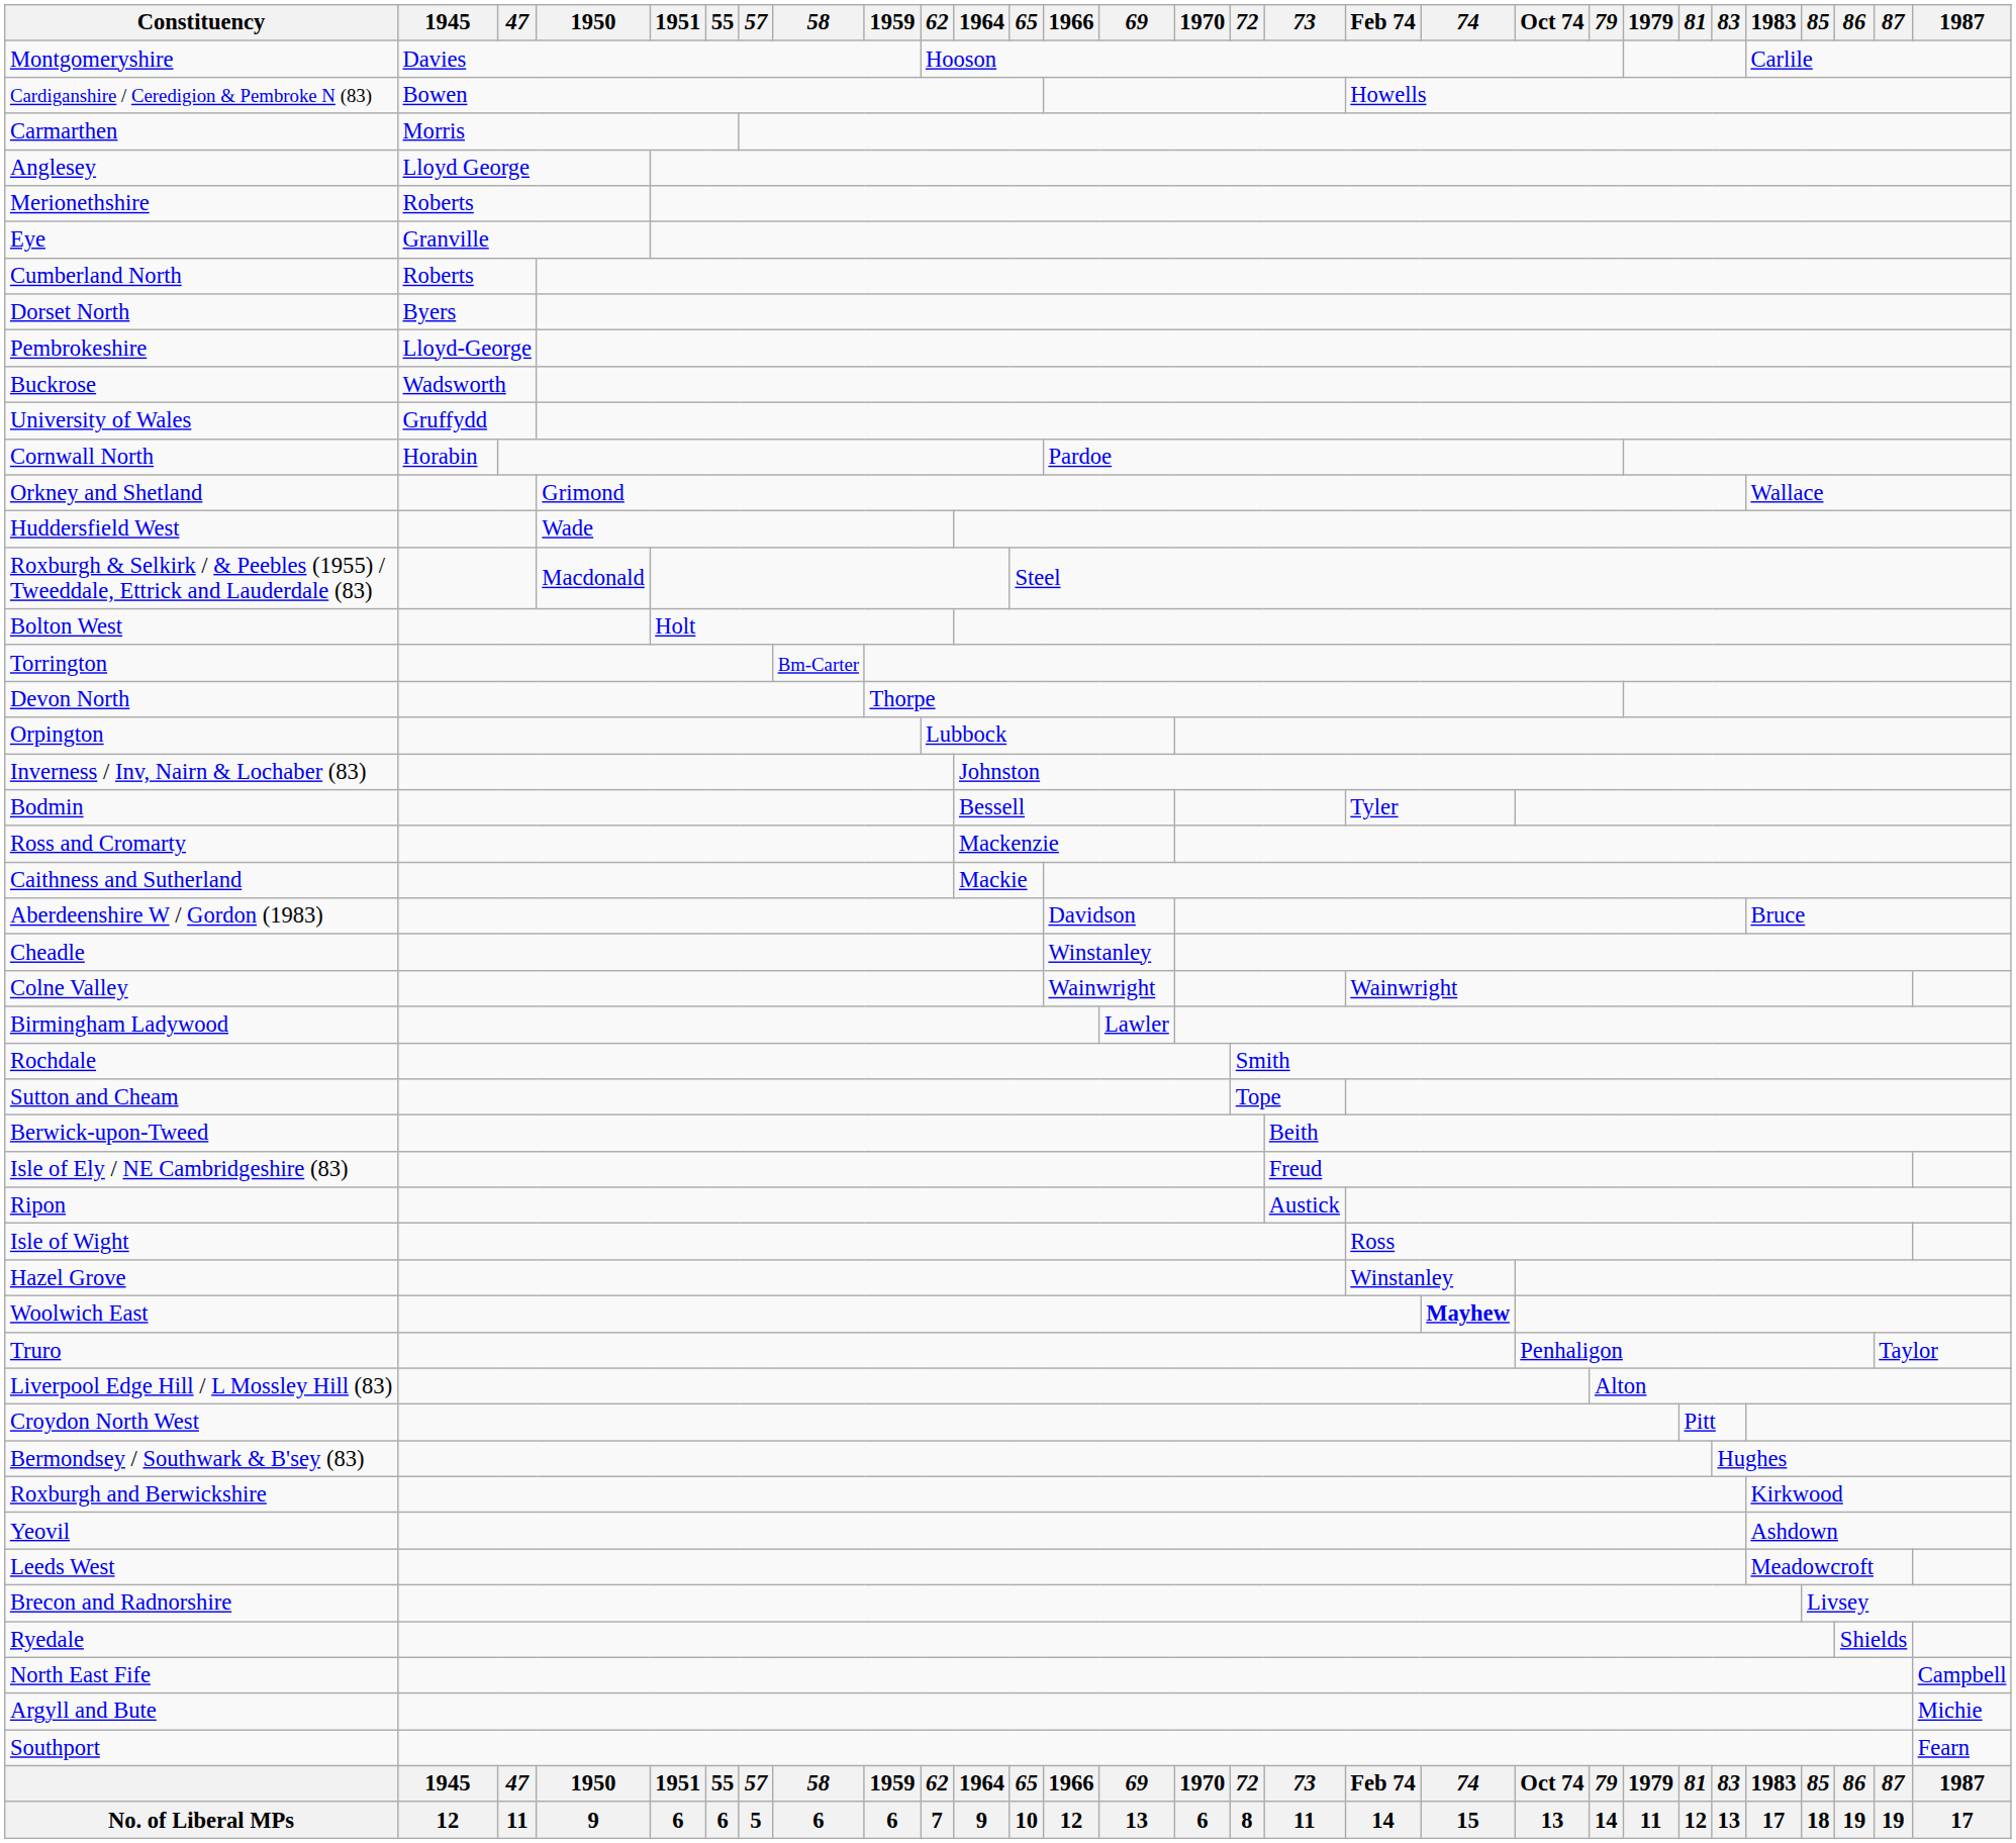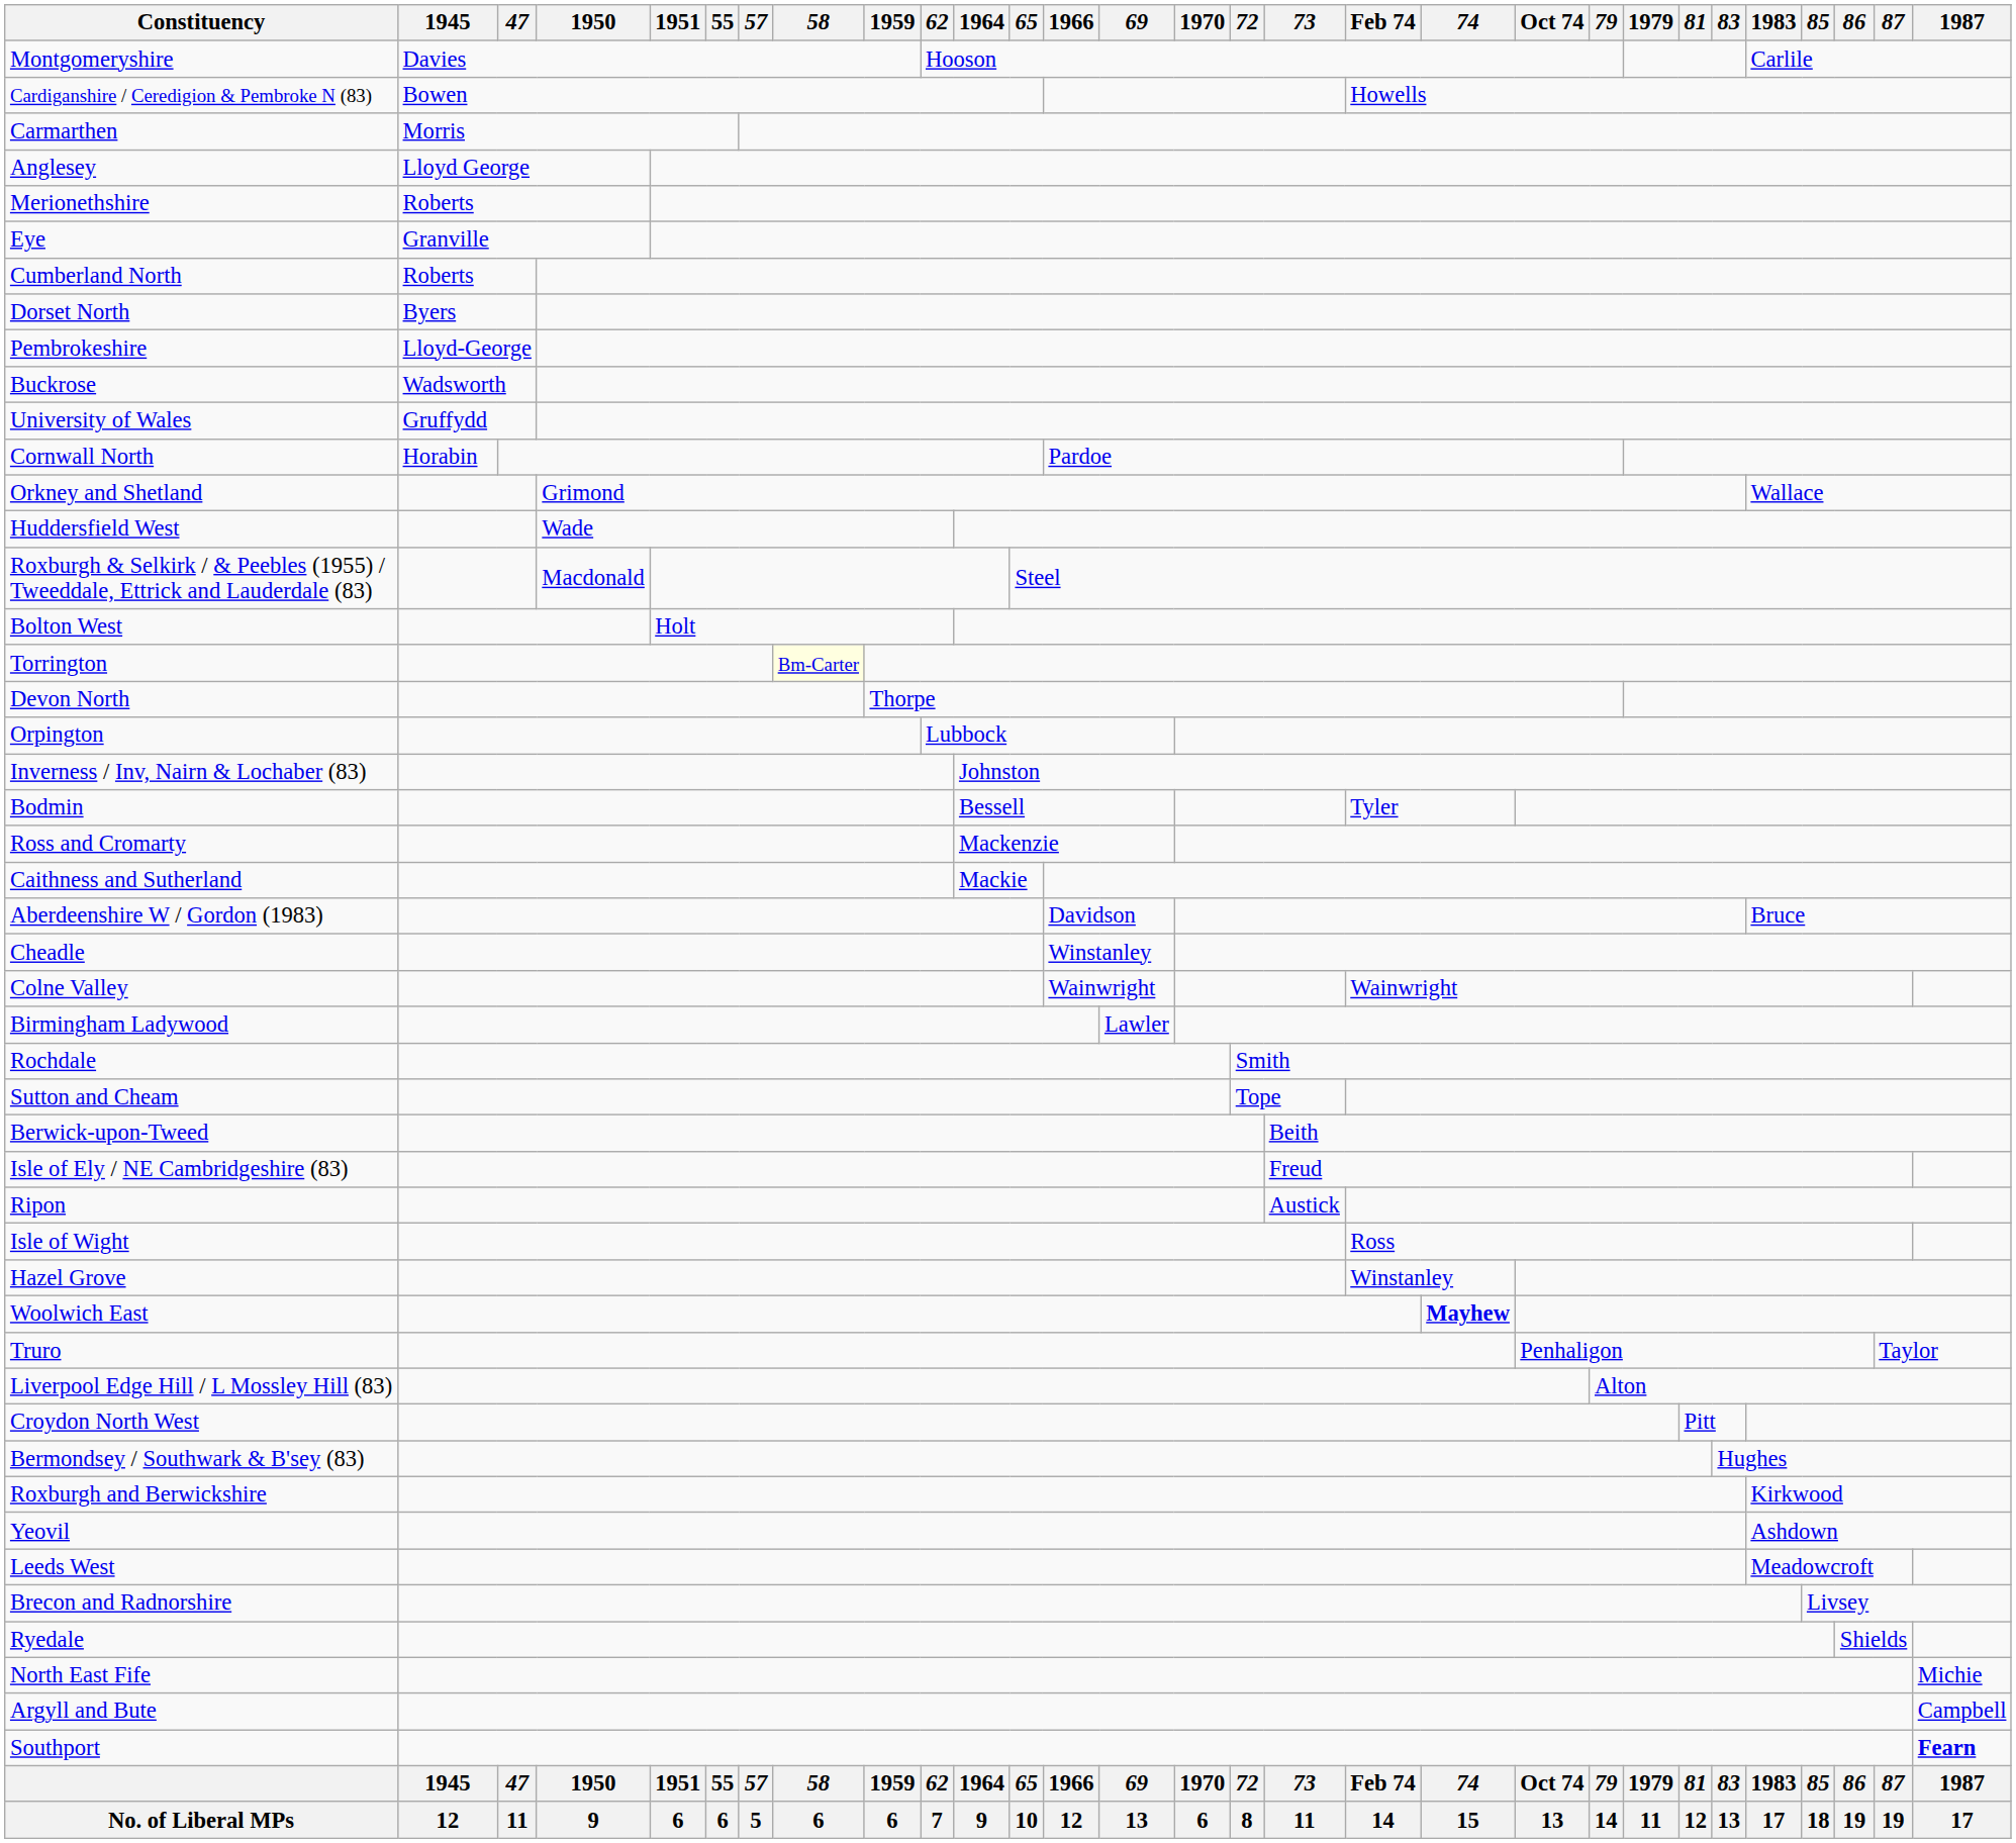 <table class="wikitable">
 <tr>
 <th>Constituency</th>
 <th>1945</th>
 <th><em>47</em></th>
 <th>1950</th>
 <th>1951</th>
 <th>55</th>
 <th><em>57</em></th>
 <th><em>58</em></th>
 <th>1959</th>
 <th><em>62</em></th>
 <th>1964</th>
 <th><em>65</em></th>
 <th>1966</th>
 <th><em>69</em></th>
 <th>1970</th>
 <th><em>72</em></th>
 <th><em>73</em></th>
 <th>Feb 74</th>
 <th><em>74</em></th>
 <th>Oct 74</th>
 <th><em>79</em></th>
 <th>1979</th>
 <th><em>81</em></th>
 <th><em>83</em></th>
 <th>1983</th>
 <th><em>85</em></th>
 <th><em>86</em></th>
 <th><em>87</em></th>
 <th>1987</th>
 </tr>
 <tr>
 <td><a href='#'>Montgomeryshire</a></td>
 <td colspan="8"><a href='#'>Davies</a></td>
 <td colspan="12"><a href='#'>Hooson</a></td>
 <td colspan="3"></td>
 <td colspan="5"><a href='#'>Carlile</a></td>
 </tr>
 <tr>
 <td><small><a href='#'>Cardiganshire</a> / <a href='#'>Ceredigion & Pembroke N</a> (83)</small></td>
 <td colspan="11"><a href='#'>Bowen</a></td>
 <td colspan="5"></td>
 <td colspan="12"><a href='#'>Howells</a></td>
 </tr>
 <tr>
 <td><a href='#'>Carmarthen</a></td>
 <td colspan="5"><a href='#'>Morris</a></td>
 <td colspan="23"></td>
 </tr>
 <tr>
 <td><a href='#'>Anglesey</a></td>
 <td colspan="3"><a href='#'>Lloyd George</a></td>
 <td colspan="25"></td>
 </tr>
 <tr>
 <td><a href='#'>Merionethshire</a></td>
 <td colspan="3"><a href='#'>Roberts</a></td>
 <td colspan="25"></td>
 </tr>
 <tr>
 <td><a href='#'>Eye</a></td>
 <td colspan="3"><a href='#'>Granville</a></td>
 <td colspan="25"></td>
 </tr>
 <tr>
 <td><a href='#'>Cumberland North</a></td>
 <td colspan="2"><a href='#'>Roberts</a></td>
 <td colspan="26"></td>
 </tr>
 <tr>
 <td><a href='#'>Dorset North</a></td>
 <td colspan="2"><a href='#'>Byers</a></td>
 <td colspan="26"></td>
 </tr>
 <tr>
 <td><a href='#'>Pembrokeshire</a></td>
 <td colspan="2"><a href='#'>Lloyd-George</a></td>
 <td colspan="26"></td>
 </tr>
 <tr>
 <td><a href='#'>Buckrose</a></td>
 <td colspan="2"><a href='#'>Wadsworth</a></td>
 <td colspan="26"></td>
 </tr>
 <tr>
 <td><a href='#'>University of Wales</a></td>
 <td colspan="2"><a href='#'>Gruffydd</a></td>
 <td colspan="26"></td>
 </tr>
 <tr>
 <td><a href='#'>Cornwall North</a></td>
 <td><a href='#'>Horabin</a></td>
 <td colspan="10"></td>
 <td colspan="9"><a href='#'>Pardoe</a></td>
 <td colspan="8"></td>
 </tr>
 <tr>
 <td><a href='#'>Orkney and Shetland</a></td>
 <td colspan="2"></td>
 <td colspan="21"><a href='#'>Grimond</a></td>
 <td colspan="5"><a href='#'>Wallace</a></td>
 </tr>
 <tr>
 <td><a href='#'>Huddersfield West</a></td>
 <td colspan="2"></td>
 <td colspan="7"><a href='#'>Wade</a></td>
 <td colspan="19"></td>
 </tr>
 <tr>
 <td><a href='#'>Roxburgh & Selkirk</a> / <a href='#'>& Peebles</a> (1955) /<br><a href='#'>Tweeddale, Ettrick and Lauderdale</a> (83)</td>
 <td colspan="2"></td>
 <td><a href='#'>Macdonald</a></td>
 <td colspan="7"></td>
 <td colspan="18"><a href='#'>Steel</a></td>
 </tr>
 <tr>
 <td><a href='#'>Bolton West</a></td>
 <td colspan="3"></td>
 <td colspan="6"><a href='#'>Holt</a></td>
 <td colspan="19"></td>
 </tr>
 <tr>
 <td><a href='#'>Torrington</a></td>
 <td colspan="6"></td>
-<td><a href='#'><small>Bm-Carter</small></a></td>
+<td style="background: lightyellow;"><a href='#'><small>Bm-Carter</small></a></td>
 <td colspan="21"></td>
 </tr>
 <tr>
 <td><a href='#'>Devon North</a></td>
 <td colspan="7"></td>
 <td colspan="13"><a href='#'>Thorpe</a></td>
 <td colspan="8"></td>
 </tr>
 <tr>
 <td><a href='#'>Orpington</a></td>
 <td colspan="8"></td>
 <td colspan="5"><a href='#'>Lubbock</a></td>
 <td colspan="15"></td>
 </tr>
 <tr>
 <td><a href='#'>Inverness</a> / <a href='#'>Inv, Nairn & Lochaber</a> (83)</td>
 <td colspan="9"></td>
 <td colspan="19"><a href='#'>Johnston</a></td>
 </tr>
 <tr>
 <td><a href='#'>Bodmin</a></td>
 <td colspan="9"></td>
 <td colspan="4"><a href='#'>Bessell</a></td>
 <td colspan="3"></td>
 <td colspan="2"><a href='#'>Tyler</a></td>
 <td colspan="10"></td>
 </tr>
 <tr>
 <td><a href='#'>Ross and Cromarty</a></td>
 <td colspan="9"></td>
 <td colspan="4"><a href='#'>Mackenzie</a></td>
 <td colspan="15"></td>
 </tr>
 <tr>
 <td><a href='#'>Caithness and Sutherland</a></td>
 <td colspan="9"></td>
 <td colspan="2"><a href='#'>Mackie</a></td>
 <td colspan="17"></td>
 </tr>
 <tr>
 <td><a href='#'>Aberdeenshire W</a> / <a href='#'>Gordon</a> (1983)</td>
 <td colspan="11"></td>
 <td colspan="2"><a href='#'>Davidson</a></td>
 <td colspan="10"></td>
 <td colspan="5"><a href='#'>Bruce</a></td>
 </tr>
 <tr>
 <td><a href='#'>Cheadle</a></td>
 <td colspan="11"></td>
 <td colspan="2"><a href='#'>Winstanley</a></td>
 <td colspan="15"></td>
 </tr>
 <tr>
 <td><a href='#'>Colne Valley</a></td>
 <td colspan="11"></td>
 <td colspan="2"><a href='#'>Wainwright</a></td>
 <td colspan="3"></td>
 <td colspan="11"><a href='#'>Wainwright</a></td>
 <td></td>
 </tr>
 <tr>
 <td><a href='#'>Birmingham Ladywood</a></td>
 <td colspan="12"></td>
 <td><a href='#'>Lawler</a></td>
 <td colspan="15"></td>
 </tr>
 <tr>
 <td><a href='#'>Rochdale</a></td>
 <td colspan="14"></td>
 <td colspan="14"><a href='#'>Smith</a></td>
 </tr>
 <tr>
 <td><a href='#'>Sutton and Cheam</a></td>
 <td colspan="14"></td>
 <td colspan="2"><a href='#'>Tope</a></td>
 <td colspan="12"></td>
 </tr>
 <tr>
 <td><a href='#'>Berwick-upon-Tweed</a></td>
 <td colspan="15"></td>
 <td colspan="13"><a href='#'>Beith</a></td>
 </tr>
 <tr>
 <td><a href='#'>Isle of Ely</a> / <a href='#'>NE Cambridgeshire</a> (83)</td>
 <td colspan="15"></td>
 <td colspan="12"><a href='#'>Freud</a></td>
 <td></td>
 </tr>
 <tr>
 <td><a href='#'>Ripon</a></td>
 <td colspan="15"></td>
 <td><a href='#'>Austick</a></td>
 <td colspan="12"></td>
 </tr>
 <tr>
 <td><a href='#'>Isle of Wight</a></td>
 <td colspan="16"></td>
 <td colspan="11"><a href='#'>Ross</a></td>
 <td></td>
 </tr>
 <tr>
 <td><a href='#'>Hazel Grove</a></td>
 <td colspan="16"></td>
 <td colspan="2"><a href='#'>Winstanley</a></td>
 <td colspan="10"></td>
 </tr>
 <tr>
 <td><a href='#'>Woolwich East</a></td>
 <td colspan="17"></td>
 <td><strong><a href='#'>Mayhew</a></strong></td>
 <td colspan="10"></td>
 </tr>
 <tr>
 <td><a href='#'>Truro</a></td>
 <td colspan="18"></td>
 <td colspan="8"><a href='#'>Penhaligon</a></td>
 <td colspan="2"><a href='#'>Taylor</a></td>
 </tr>
 <tr>
 <td><a href='#'>Liverpool Edge Hill</a> / <a href='#'>L Mossley Hill</a> (83)</td>
 <td colspan="19"></td>
 <td colspan="9"><a href='#'>Alton</a></td>
 </tr>
 <tr>
 <td><a href='#'>Croydon North West</a></td>
 <td colspan="21"></td>
 <td colspan="2"><a href='#'>Pitt</a></td>
 <td colspan="5"></td>
 </tr>
 <tr>
 <td><a href='#'>Bermondsey</a> / <a href='#'>Southwark & B'sey</a> (83)</td>
 <td colspan="22"></td>
 <td colspan="6"><a href='#'>Hughes</a></td>
 </tr>
 <tr>
 <td><a href='#'>Roxburgh and Berwickshire</a></td>
 <td colspan="23"></td>
 <td colspan="5"><a href='#'>Kirkwood</a></td>
 </tr>
 <tr>
 <td><a href='#'>Yeovil</a></td>
 <td colspan="23"></td>
 <td colspan="5"><a href='#'>Ashdown</a></td>
 </tr>
 <tr>
 <td><a href='#'>Leeds West</a></td>
 <td colspan="23"></td>
 <td colspan="4"><a href='#'>Meadowcroft</a></td>
 <td></td>
 </tr>
 <tr>
 <td><a href='#'>Brecon and Radnorshire</a></td>
 <td colspan="24"></td>
 <td colspan="4"><a href='#'>Livsey</a></td>
 </tr>
 <tr>
 <td><a href='#'>Ryedale</a></td>
 <td colspan="25"></td>
 <td colspan="2"><a href='#'>Shields</a></td>
 <td></td>
 </tr>
 <tr>
 <td><a href='#'>North East Fife</a></td>
 <td colspan="27"></td>
-<td><a href='#'>Campbell</a></td>
+<td><a href='#'>Michie</a></td>
 </tr>
 <tr>
 <td><a href='#'>Argyll and Bute</a></td>
 <td colspan="27"></td>
-<td><a href='#'>Michie</a></td>
+<td><a href='#'>Campbell</a></td>
 </tr>
 <tr>
 <td><a href='#'>Southport</a></td>
 <td colspan="27"></td>
-<td><a href='#'>Fearn</a></td>
+<td><strong><a href='#'>Fearn</a></strong></td>
 </tr>
 <tr>
 <th></th>
 <th>1945</th>
 <th><em>47</em></th>
 <th>1950</th>
 <th>1951</th>
 <th>55</th>
 <th><em>57</em></th>
 <th><em>58</em></th>
 <th>1959</th>
 <th><em>62</em></th>
 <th>1964</th>
 <th><em>65</em></th>
 <th>1966</th>
 <th><em>69</em></th>
 <th>1970</th>
 <th><em>72</em></th>
 <th><em>73</em></th>
 <th>Feb 74</th>
 <th><em>74</em></th>
 <th>Oct 74</th>
 <th><em>79</em></th>
 <th>1979</th>
 <th><em>81</em></th>
 <th><em>83</em></th>
 <th>1983</th>
 <th><em>85</em></th>
 <th><em>86</em></th>
 <th><em>87</em></th>
 <th>1987</th>
 </tr>
 <tr>
 <th>No. of Liberal MPs</th>
 <th>12</th>
 <th>11</th>
 <th>9</th>
 <th>6</th>
 <th>6</th>
 <th>5</th>
 <th>6</th>
 <th>6</th>
 <th>7</th>
 <th>9</th>
 <th>10</th>
 <th>12</th>
 <th>13</th>
 <th>6</th>
 <th>8</th>
 <th>11</th>
 <th>14</th>
 <th>15</th>
 <th>13</th>
 <th>14</th>
 <th>11</th>
 <th>12</th>
 <th>13</th>
 <th>17</th>
 <th>18</th>
 <th>19</th>
 <th>19</th>
 <th>17</th>
 </tr>
 </table>
